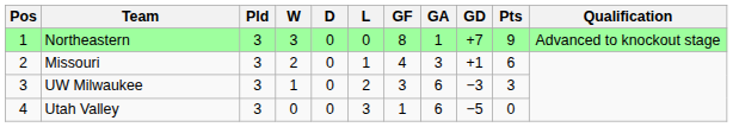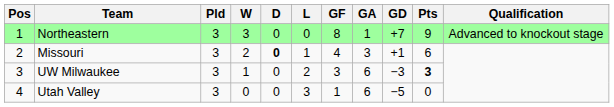 <table class="wikitable" style="text-align:center; margin: 1em auto">
 <tr>
 <th style="width:2em">Pos</th>
 <th style="width:13em">Team</th>
 <th style="width:2em">Pld</th>
 <th style="width:2em">W</th>
 <th style="width:2em">D</th>
 <th style="width:2em">L</th>
 <th style="width:2em">GF</th>
 <th style="width:2em">GA</th>
 <th style="width:2em">GD</th>
 <th style="width:2em">Pts</th>
 <th style="width:13em">Qualification</th>
 </tr>
 <tr bgcolor="#9eff9e">
 <td>1</td>
 <td style="text-align:left">Northeastern</td>
 <td>3</td>
 <td>3</td>
 <td>0</td>
 <td>0</td>
 <td>8</td>
 <td>1</td>
 <td>+7</td>
 <td>9</td>
 <td>Advanced to knockout stage</td>
 </tr>
 <tr>
 <td>2</td>
 <td style="text-align:left">Missouri</td>
 <td>3</td>
 <td>2</td>
-<td>0</td>
+<td><strong>0</strong></td>
 <td>1</td>
 <td>4</td>
 <td>3</td>
 <td>+1</td>
 <td>6</td>
 </tr>
 <tr>
 <td>3</td>
 <td style="text-align:left">UW Milwaukee</td>
 <td>3</td>
 <td>1</td>
 <td>0</td>
 <td>2</td>
 <td>3</td>
 <td>6</td>
 <td>−3</td>
-<td>3</td>
+<td><strong>3</strong></td>
 </tr>
 <tr>
 <td>4</td>
 <td style="text-align:left">Utah Valley</td>
 <td>3</td>
 <td>0</td>
 <td>0</td>
 <td>3</td>
 <td>1</td>
 <td>6</td>
 <td>−5</td>
 <td>0</td>
 </tr>
 </table>
